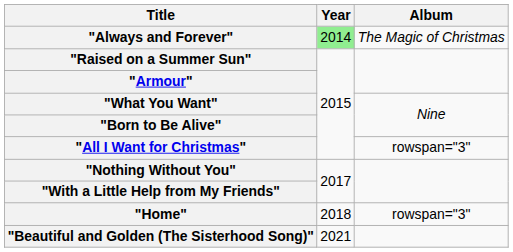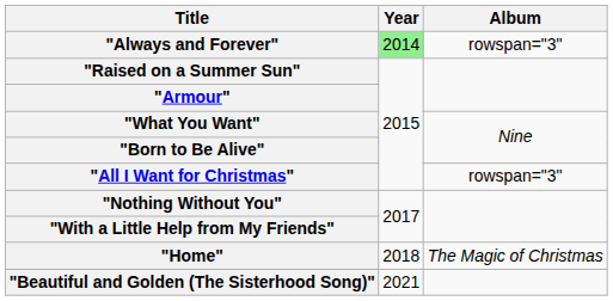 <table class="wikitable plainrowheaders" style="text-align:center;">
 <tr>
 <th scope="col">Title</th>
 <th scope="col">Year</th>
 <th scope="col">Album</th>
 </tr>
 <tr>
 <th scope="row">"Always and Forever"<br></th>
 <td style="background: lightgreen;">2014</td>
-<td><em>The Magic of Christmas</em></td>
+<td>rowspan="3" </td>
 </tr>
 <tr>
 <th scope="row">"Raised on a Summer Sun"<br></th>
 <td rowspan="5">2015</td>
 </tr>
 <tr>
 <th scope="row">"<a href='#'>Armour</a>"</th>
 </tr>
 <tr>
 <th scope="row">"What You Want"</th>
 <td rowspan="2"><em>Nine</em></td>
 </tr>
 <tr>
 <th scope="row">"Born to Be Alive"</th>
 </tr>
 <tr>
 <th scope="row">"<a href='#'>All I Want for Christmas</a>"<br></th>
 <td>rowspan="3" </td>
 </tr>
 <tr>
 <th scope="row">"Nothing Without You"</th>
 <td rowspan="2">2017</td>
 </tr>
 <tr>
 <th scope="row">"With a Little Help from My Friends"<br></th>
 </tr>
 <tr>
 <th scope="row">"Home"</th>
 <td>2018</td>
-<td>rowspan="3" </td>
+<td><em>The Magic of Christmas</em></td>
 </tr>
 <tr>
 <th scope="row">"Beautiful and Golden (The Sisterhood Song)"</th>
 <td rowspan="2">2021</td>
 <td></td>
 </tr>
 </table>
